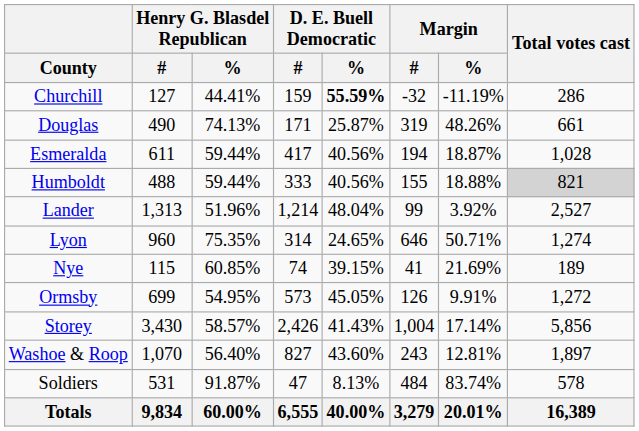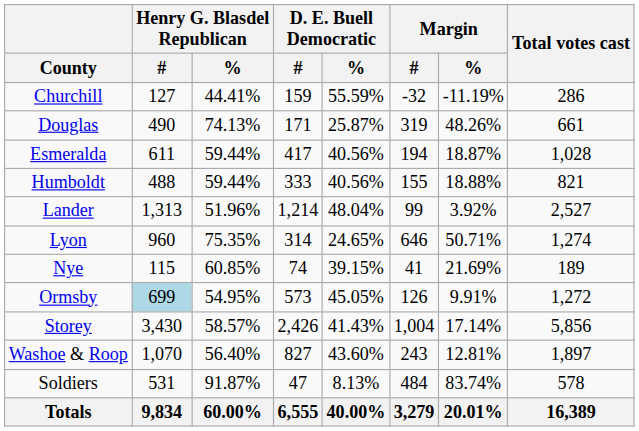 <table class="wikitable sortable" style="text-align:center">
 <tr>
 <th colspan=1></th>
 <th style="text-align:center;" colspan="2">Henry G. Blasdel<br>Republican</th>
 <th style="text-align:center;" colspan="2">D. E. Buell<br>Democratic</th>
 <th style="text-align:center;" colspan="2">Margin</th>
 <th style="text-align:center;" rowspan="2">Total votes cast</th>
 </tr>
 <tr>
 <th align=center>County</th>
 <th style="text-align:center;" data-sort-type="number">#</th>
 <th style="text-align:center;" data-sort-type="number">%</th>
 <th style="text-align:center;" data-sort-type="number">#</th>
 <th style="text-align:center;" data-sort-type="number">%</th>
 <th style="text-align:center;" data-sort-type="number">#</th>
 <th style="text-align:center;" data-sort-type="number">%</th>
 </tr>
 <tr style="text-align:center;">
 <td><a href='#'>Churchill</a></td>
 <td>127</td>
 <td>44.41%</td>
 <td>159</td>
-<td><strong>55.59%</strong></td>
+<td>55.59%</td>
 <td>-32</td>
 <td>-11.19%</td>
 <td>286</td>
 </tr>
 <tr style="text-align:center;">
 <td><a href='#'>Douglas</a></td>
 <td>490</td>
 <td>74.13%</td>
 <td>171</td>
 <td>25.87%</td>
 <td>319</td>
 <td>48.26%</td>
 <td>661</td>
 </tr>
 <tr style="text-align:center;">
 <td><a href='#'>Esmeralda</a></td>
 <td>611</td>
 <td>59.44%</td>
 <td>417</td>
 <td>40.56%</td>
 <td>194</td>
 <td>18.87%</td>
 <td>1,028</td>
 </tr>
 <tr style="text-align:center;">
 <td><a href='#'>Humboldt</a></td>
 <td>488</td>
 <td>59.44%</td>
 <td>333</td>
 <td>40.56%</td>
 <td>155</td>
 <td>18.88%</td>
-<td style="background: lightgrey;">821</td>
+<td>821</td>
 </tr>
 <tr style="text-align:center;">
 <td><a href='#'>Lander</a></td>
 <td>1,313</td>
 <td>51.96%</td>
 <td>1,214</td>
 <td>48.04%</td>
 <td>99</td>
 <td>3.92%</td>
 <td>2,527</td>
 </tr>
 <tr style="text-align:center;">
 <td><a href='#'>Lyon</a></td>
 <td>960</td>
 <td>75.35%</td>
 <td>314</td>
 <td>24.65%</td>
 <td>646</td>
 <td>50.71%</td>
 <td>1,274</td>
 </tr>
 <tr style="text-align:center;">
 <td><a href='#'>Nye</a></td>
 <td>115</td>
 <td>60.85%</td>
 <td>74</td>
 <td>39.15%</td>
 <td>41</td>
 <td>21.69%</td>
 <td>189</td>
 </tr>
 <tr style="text-align:center;">
 <td><a href='#'>Ormsby</a></td>
-<td>699</td>
+<td style="background: lightblue;">699</td>
 <td>54.95%</td>
 <td>573</td>
 <td>45.05%</td>
 <td>126</td>
 <td>9.91%</td>
 <td>1,272</td>
 </tr>
 <tr style="text-align:center;">
 <td><a href='#'>Storey</a></td>
 <td>3,430</td>
 <td>58.57%</td>
 <td>2,426</td>
 <td>41.43%</td>
 <td>1,004</td>
 <td>17.14%</td>
 <td>5,856</td>
 </tr>
 <tr style="text-align:center;">
 <td><a href='#'>Washoe</a> & <a href='#'>Roop</a></td>
 <td>1,070</td>
 <td>56.40%</td>
 <td>827</td>
 <td>43.60%</td>
 <td>243</td>
 <td>12.81%</td>
 <td>1,897</td>
 </tr>
 <tr style="text-align:center;">
 <td>Soldiers</td>
 <td>531</td>
 <td>91.87%</td>
 <td>47</td>
 <td>8.13%</td>
 <td>484</td>
 <td>83.74%</td>
 <td>578</td>
 </tr>
 <tr style="text-align:center;">
 <th>Totals</th>
 <th>9,834</th>
 <th>60.00%</th>
 <th>6,555</th>
 <th>40.00%</th>
 <th>3,279</th>
 <th>20.01%</th>
 <th>16,389</th>
 </tr>
 </table>
